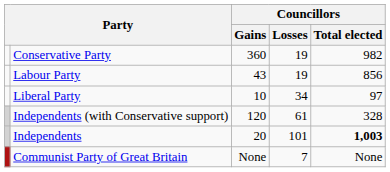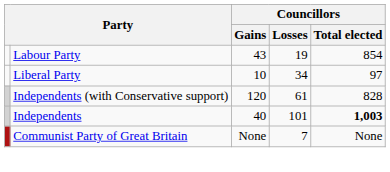 <table class="wikitable" border="1">
 <tr border="1" cellspacing="0" cellpadding="5">
 <th colspan="2" rowspan="2" align="center">Party</th>
 <th colspan="3" valign="top">Councillors</th>
 </tr>
 <tr>
 <th valign="top">Gains</th>
 <th valign="top">Losses</th>
 <th valign="top">Total elected</th>
 </tr>
 <tr>
 <td style="color:inherit;background:"></td>
-<td><a href='#'>Conservative Party</a></td>
-<td align="right">360</td>
-<td align="right">19</td>
-<td align="right">982</td>
-</tr>
-<tr>
-<td style="color:inherit;background:"></td>
 <td><a href='#'>Labour Party</a></td>
 <td align="right">43</td>
 <td align="right">19</td>
-<td align="right">856</td>
+<td align="right">854</td>
 </tr>
 <tr>
 <td style="color:inherit;background:"></td>
 <td><a href='#'>Liberal Party</a></td>
 <td align="right">10</td>
 <td align="right">34</td>
 <td align="right">97</td>
 </tr>
 <tr>
 <td style="color:inherit;background:#d3d3d3"></td>
 <td><a href='#'>Independents</a> (with Conservative support)</td>
 <td align="right">120</td>
 <td align="right">61</td>
-<td align="right">328</td>
+<td align="right">828</td>
 </tr>
 <tr>
 <td style="color:inherit;background:#d3d3d3"></td>
 <td><a href='#'>Independents</a></td>
-<td align="right">20</td>
+<td align="right">40</td>
 <td align="right">101</td>
 <td align="right"><strong>1,003</strong></td>
 </tr>
 <tr>
 <td style="color:inherit;background:#af1213"></td>
 <td><a href='#'>Communist Party of Great Britain</a></td>
 <td align="right">None</td>
 <td align="right">7</td>
 <td align="right">None</td>
 </tr>
 </table>
